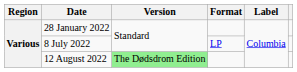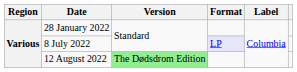 <table class="wikitable plainrowheaders">
 <tr>
 <th scope="col">Region</th>
 <th scope="col">Date</th>
 <th scope="col">Version</th>
 <th scope="col">Format</th>
 <th scope="col">Label</th>
 <th scope="col"></th>
 </tr>
 <tr>
 <th scope="row" rowspan="3">Various</th>
 <td>28 January 2022</td>
 <td rowspan="2">Standard</td>
 <td></td>
 <td rowspan="3"><a href='#'>Columbia</a></td>
 <td style="text-align:center;"></td>
 </tr>
 <tr>
 <td>8 July 2022</td>
-<td><a href='#'>LP</a></td>
+<td style="background: lavender;"><a href='#'>LP</a></td>
 <td style="text-align:center;"></td>
 </tr>
 <tr>
 <td>12 August 2022</td>
 <td style="background: lightgreen;">The Dødsdrom Edition</td>
 <td></td>
 <td style="text-align:center;"></td>
 </tr>
 </table>
